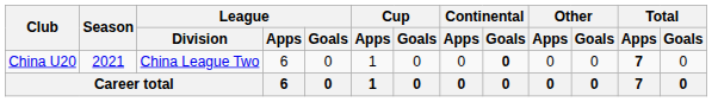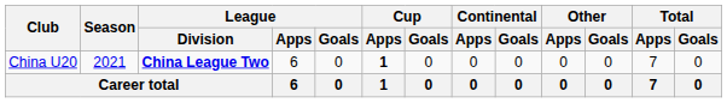 <table class=wikitable style=text-align:center>
 <tr>
 <th rowspan=2>Club</th>
 <th rowspan=2>Season</th>
 <th colspan=3>League</th>
 <th colspan=2>Cup</th>
 <th colspan=2>Continental</th>
 <th colspan=2>Other</th>
 <th colspan=2>Total</th>
 </tr>
 <tr>
 <th>Division</th>
 <th>Apps</th>
 <th>Goals</th>
 <th>Apps</th>
 <th>Goals</th>
 <th>Apps</th>
 <th>Goals</th>
 <th>Apps</th>
 <th>Goals</th>
 <th>Apps</th>
 <th>Goals</th>
 </tr>
 <tr>
 <td><a href='#'>China U20</a></td>
 <td><a href='#'>2021</a></td>
-<td><a href='#'>China League Two</a></td>
+<td><strong><a href='#'>China League Two</a></strong></td>
 <td>6</td>
 <td>0</td>
-<td>1</td>
+<td><strong>1</strong></td>
 <td>0</td>
 <td>0</td>
-<td><strong>0</strong></td>
 <td>0</td>
 <td>0</td>
-<td><strong>7</strong></td>
+<td>0</td>
+<td>7</td>
 <td>0</td>
 </tr>
 <tr>
 <th colspan=3>Career total</th>
 <th>6</th>
 <th>0</th>
 <th>1</th>
 <th>0</th>
 <th>0</th>
 <th>0</th>
 <th>0</th>
 <th>0</th>
 <th>7</th>
 <th>0</th>
 </tr>
 </table>
